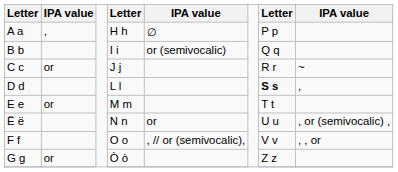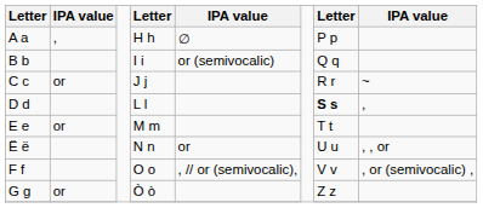 <table class="wikitable">
 <tr>
 <th scope="col">Letter</th>
 <th scope="col">IPA value</th>
 <td rowspan="9" style="border-top: none; border-bottom: none; background-color: transparent; width: 0.5em;"></td>
 <th scope="col">Letter</th>
 <th scope="col">IPA value</th>
 <td rowspan="9" style="border-top: none; border-bottom: none; background-color: transparent; width: 0.5em;"></td>
 <th scope="col">Letter</th>
 <th scope="col">IPA value</th>
 </tr>
 <tr>
 <td>A a</td>
 <td>, </td>
 <td>H h</td>
 <td>∅</td>
 <td>P p</td>
 <td></td>
 </tr>
 <tr>
 <td>B b</td>
 <td></td>
 <td>I i</td>
 <td> or (semivocalic) </td>
 <td>Q q</td>
 <td></td>
 </tr>
 <tr>
 <td>C c</td>
 <td> or </td>
 <td>J j</td>
 <td></td>
 <td>R r</td>
 <td>~</td>
 </tr>
 <tr>
 <td>D d</td>
 <td></td>
 <td>L l</td>
 <td></td>
 <td><strong>S s</strong></td>
 <td>, </td>
 </tr>
 <tr>
 <td>E e</td>
 <td> or </td>
 <td>M m</td>
 <td></td>
 <td>T t</td>
 <td></td>
 </tr>
 <tr>
 <td>Ë ë</td>
 <td></td>
 <td>N n</td>
 <td> or </td>
 <td>U u</td>
-<td>, or (semivocalic) , </td>
+<td>, , or </td>
 </tr>
 <tr>
 <td>F f</td>
 <td></td>
 <td>O o</td>
 <td>, // or (semivocalic), </td>
 <td>V v</td>
-<td>, , or </td>
+<td>, or (semivocalic) , </td>
 </tr>
 <tr>
 <td>G g</td>
 <td> or </td>
 <td>Ò ò</td>
 <td></td>
 <td>Z z</td>
 <td></td>
 </tr>
 <tr>
 </tr>
 </table>
